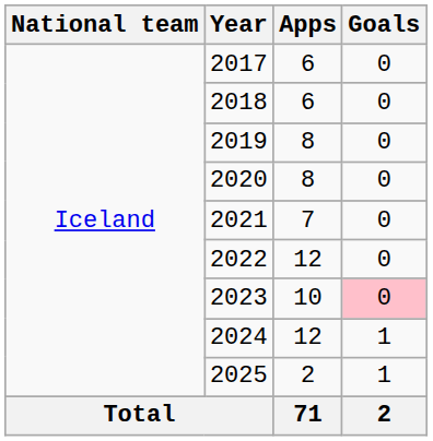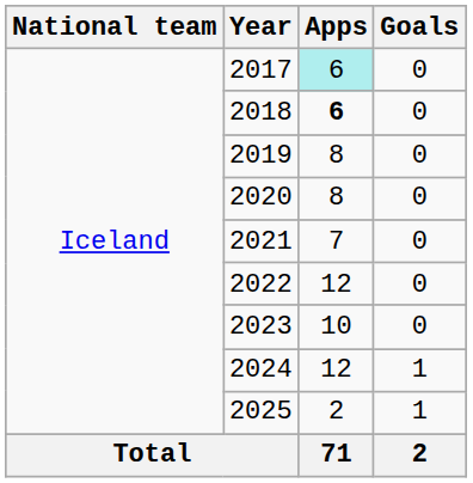 <table class="wikitable" style="text-align:center">
 <tr>
 <th>National team</th>
 <th>Year</th>
 <th>Apps</th>
 <th>Goals</th>
 </tr>
 <tr>
 <td rowspan="9"><a href='#'>Iceland</a></td>
 <td>2017</td>
-<td>6</td>
+<td style="background: paleturquoise;">6</td>
 <td>0</td>
 </tr>
 <tr>
 <td>2018</td>
-<td>6</td>
+<td><strong>6</strong></td>
 <td>0</td>
 </tr>
 <tr>
 <td>2019</td>
 <td>8</td>
 <td>0</td>
 </tr>
 <tr>
 <td>2020</td>
 <td>8</td>
 <td>0</td>
 </tr>
 <tr>
 <td>2021</td>
 <td>7</td>
 <td>0</td>
 </tr>
 <tr>
 <td>2022</td>
 <td>12</td>
 <td>0</td>
 </tr>
 <tr>
 <td>2023</td>
 <td>10</td>
-<td style="background: pink;">0</td>
+<td>0</td>
 </tr>
 <tr>
 <td>2024</td>
 <td>12</td>
 <td>1</td>
 </tr>
 <tr>
 <td>2025</td>
 <td>2</td>
 <td>1</td>
 </tr>
 <tr>
 <th colspan="2">Total</th>
 <th>71</th>
 <th>2</th>
 </tr>
 </table>
